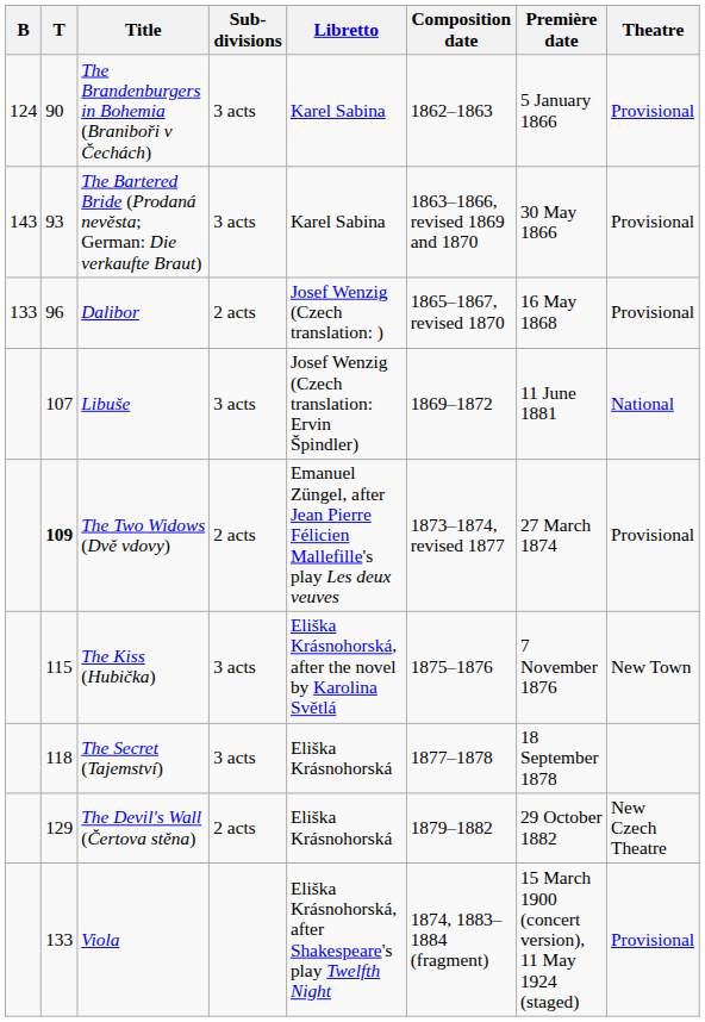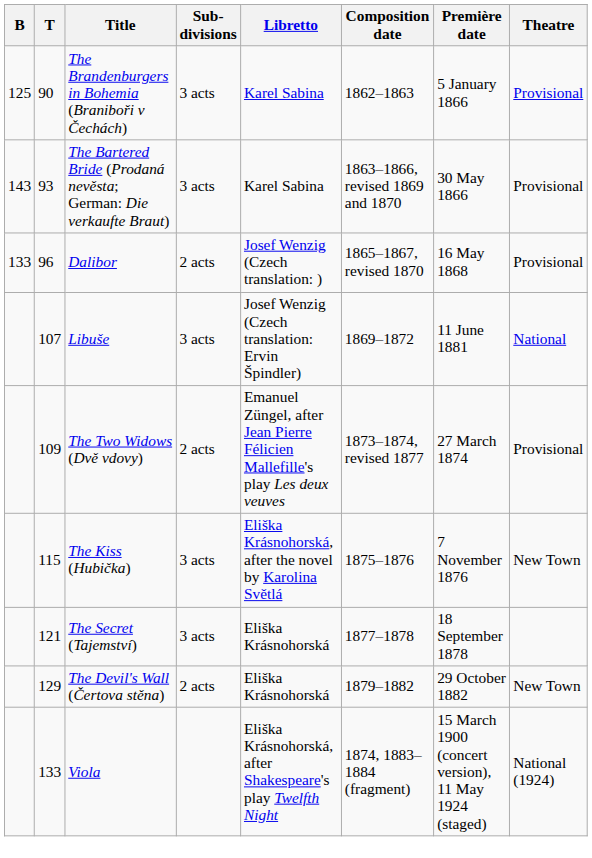 <table class="wikitable sortable">
 <tr>
 <th>B</th>
 <th>T</th>
 <th>Title</th>
 <th>Sub­divisions</th>
 <th><a href='#'>Libretto</a></th>
 <th>Composition date</th>
 <th>Première date</th>
 <th>Theatre</th>
 </tr>
 <tr>
-<td>124</td>
+<td>125</td>
 <td>90</td>
 <td><em><a href='#'>The Brandenburgers in Bohemia</a></em> (<em>Braniboři v Čechách</em>)</td>
 <td>3 acts</td>
 <td><a href='#'>Karel Sabina</a></td>
 <td>1862–1863</td>
 <td>5 January 1866</td>
 <td><a href='#'>Provisional</a></td>
 </tr>
 <tr>
 <td>143</td>
 <td>93</td>
 <td><em><a href='#'>The Bartered Bride</a></em> (<em>Prodaná nevěsta</em>; German: <em>Die verkaufte Braut</em>)</td>
 <td>3 acts</td>
 <td>Karel Sabina</td>
 <td>1863–1866, revised 1869 and 1870</td>
 <td>30 May 1866</td>
 <td>Provisional</td>
 </tr>
 <tr>
 <td>133</td>
 <td>96</td>
 <td><em><a href='#'>Dalibor</a></em></td>
 <td>2 acts</td>
 <td><a href='#'>Josef Wenzig</a> (Czech translation: )</td>
 <td>1865–1867, revised 1870</td>
 <td>16 May 1868</td>
 <td>Provisional</td>
 </tr>
 <tr>
 <td></td>
 <td>107</td>
 <td><em><a href='#'>Libuše</a></em></td>
 <td>3 acts</td>
 <td>Josef Wenzig (Czech translation: Ervin Špindler)</td>
 <td>1869–1872</td>
 <td>11 June 1881</td>
 <td><a href='#'>National</a></td>
 </tr>
 <tr>
 <td></td>
-<td><strong>109</strong></td>
+<td>109</td>
 <td><em><a href='#'>The Two Widows</a></em> (<em>Dvě vdovy</em>)</td>
 <td>2 acts</td>
 <td>Emanuel Züngel, after <a href='#'>Jean Pierre Félicien Mallefille</a>'s play <em>Les deux veuves</em></td>
 <td>1873–1874, revised 1877</td>
 <td>27 March 1874</td>
 <td>Provisional</td>
 </tr>
 <tr>
 <td></td>
 <td>115</td>
 <td><em><a href='#'>The Kiss</a></em> (<em>Hubička</em>)</td>
 <td>3 acts</td>
 <td><a href='#'>Eliška Krásnohorská</a>, after the novel by <a href='#'>Karolina Světlá</a></td>
 <td>1875–1876</td>
 <td>7 November 1876</td>
 <td>New Town</td>
 </tr>
 <tr>
 <td></td>
-<td>118</td>
+<td>121</td>
 <td><em><a href='#'>The Secret</a></em> (<em>Tajemství</em>)</td>
 <td>3 acts</td>
 <td>Eliška Krásnohorská</td>
 <td>1877–1878</td>
 <td>18 September 1878</td>
 <td></td>
 </tr>
 <tr>
 <td></td>
 <td>129</td>
 <td><em><a href='#'>The Devil's Wall</a></em> (<em>Čertova stěna</em>)</td>
 <td>2 acts</td>
 <td>Eliška Krásnohorská</td>
 <td>1879–1882</td>
 <td>29 October 1882</td>
-<td>New Czech Theatre</td>
+<td>New Town</td>
 </tr>
 <tr>
 <td></td>
 <td>133</td>
 <td><em><a href='#'>Viola</a></em></td>
 <td></td>
 <td>Eliška Krásnohorská, after <a href='#'>Shakespeare</a>'s play <em><a href='#'>Twelfth Night</a></em></td>
 <td>1874, 1883–1884 (fragment)</td>
 <td> 15 March 1900 (concert version), 11 May 1924 (staged)</td>
-<td><a href='#'>Provisional</a></td>
+<td>National (1924)</td>
 </tr>
 </table>
